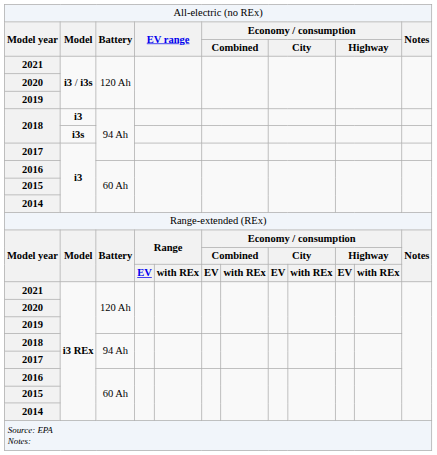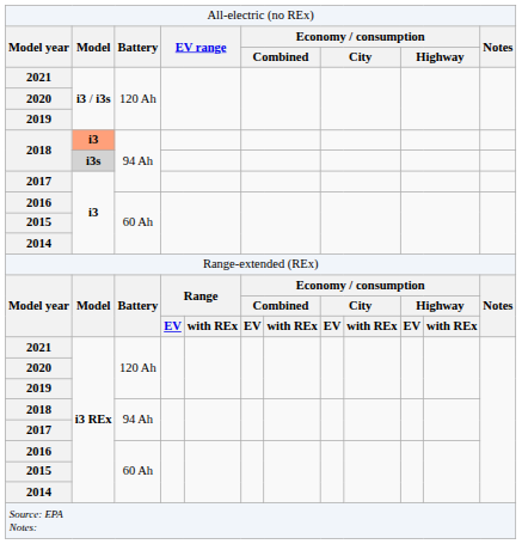 <table class="wikitable" style="margin: 1em auto 1em auto; text-align: center; font-size:90%;">
 <tr>
 <td colspan="12" style="background:#f1f5fa;">All-electric (no REx)</td>
 </tr>
 <tr>
 <th rowspan=2>Model year</th>
 <th rowspan=2>Model</th>
 <th rowspan=2>Battery</th>
 <th rowspan=2 colspan=2><a href='#'>EV range</a></th>
 <th colspan=6>Economy / consumption</th>
 <th rowspan=2>Notes</th>
 </tr>
 <tr>
 <th colspan=2>Combined</th>
 <th colspan=2>City</th>
 <th colspan=2>Highway</th>
 </tr>
 <tr>
 <th>2021</th>
 <td rowspan=3><strong>i3</strong> / <strong>i3s</strong></td>
 <td rowspan=3>120 Ah</td>
 <td rowspan=3 colspan=2></td>
 <td rowspan=3 colspan=2></td>
 <td rowspan=3 colspan=2></td>
 <td rowspan=3 colspan=2></td>
 <td rowspan=3></td>
 </tr>
 <tr>
 <th>2020</th>
 </tr>
 <tr>
 <th>2019</th>
 </tr>
 <tr>
 <th rowspan=2>2018</th>
-<td><strong>i3</strong></td>
+<td style="background: lightsalmon;"><strong>i3</strong></td>
 <td rowspan=3>94 Ah</td>
 <td colspan=2></td>
 <td colspan=2></td>
 <td colspan=2></td>
 <td colspan=2></td>
 <td></td>
 </tr>
 <tr>
-<td><strong>i3s</strong></td>
+<td style="background: lightgrey;"><strong>i3s</strong></td>
 <td colspan=2></td>
 <td colspan=2></td>
 <td colspan=2></td>
 <td colspan=2></td>
 <td></td>
 </tr>
 <tr>
 <th>2017</th>
 <td rowspan=4><strong>i3</strong></td>
 <td colspan=2></td>
 <td colspan=2></td>
 <td colspan=2></td>
 <td colspan=2></td>
 <td></td>
 </tr>
 <tr>
 <th>2016</th>
 <td rowspan=3>60 Ah</td>
 <td rowspan=3 colspan=2></td>
 <td rowspan=3 colspan=2></td>
 <td rowspan=3 colspan=2></td>
 <td rowspan=3 colspan=2></td>
 <td rowspan=3></td>
 </tr>
 <tr>
 <th>2015</th>
 </tr>
 <tr>
 <th>2014</th>
 </tr>
 <tr>
 <td colspan="12" style="background:#f1f5fa;">Range-extended (REx)</td>
 </tr>
 <tr>
 <th rowspan=3>Model year</th>
 <th rowspan=3>Model</th>
 <th rowspan=3>Battery</th>
 <th rowspan=2 colspan=2>Range</th>
 <th colspan=6>Economy / consumption</th>
 <th rowspan=3>Notes</th>
 </tr>
 <tr>
 <th colspan=2>Combined</th>
 <th colspan=2>City</th>
 <th colspan=2>Highway</th>
 </tr>
 <tr>
 <th><a href='#'>EV</a></th>
 <th>with REx</th>
 <th>EV</th>
 <th>with REx</th>
 <th>EV</th>
 <th>with REx</th>
 <th>EV</th>
 <th>with REx</th>
 </tr>
 <tr>
 <th>2021</th>
 <td rowspan=8><strong>i3 REx</strong></td>
 <td rowspan=3>120 Ah</td>
 <td rowspan=3></td>
 <td rowspan=3></td>
 <td rowspan=3></td>
 <td rowspan=3></td>
 <td rowspan=3></td>
 <td rowspan=3></td>
 <td rowspan=3></td>
 <td rowspan=3></td>
 <td rowspan=8></td>
 </tr>
 <tr>
 <th>2020</th>
 </tr>
 <tr>
 <th>2019</th>
 </tr>
 <tr>
 <th>2018</th>
 <td rowspan=2>94 Ah</td>
 <td rowspan=2></td>
 <td rowspan=2></td>
 <td rowspan=2></td>
 <td rowspan=2></td>
 <td rowspan=2></td>
 <td rowspan=2></td>
 <td rowspan=2></td>
 <td rowspan=2></td>
 </tr>
 <tr>
 <th>2017</th>
 </tr>
 <tr>
 <th>2016</th>
 <td rowspan=3>60 Ah</td>
 <td rowspan=3></td>
 <td rowspan=3></td>
 <td rowspan=3></td>
 <td rowspan=3></td>
 <td rowspan=3></td>
 <td rowspan=3></td>
 <td rowspan=3></td>
 <td rowspan=3></td>
 </tr>
 <tr>
 <th>2015</th>
 </tr>
 <tr>
 <th>2014</th>
 </tr>
 <tr>
 <td colspan="12" style="font-size:0.85em; background:#f1f5fa; padding:6px 2px 4px 4px; text-align:left;"><em>Source: EPA</em><br><em>Notes:</em><br></td>
 </tr>
 </table>
